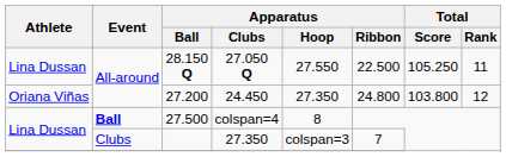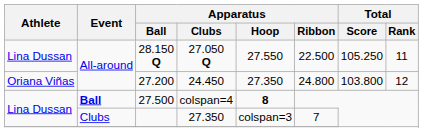 <table class=wikitable style=font-size:90%;text-align:center>
 <tr>
 <th rowspan=2>Athlete</th>
 <th rowspan=2>Event</th>
 <th colspan=4>Apparatus</th>
 <th colspan=2>Total</th>
 </tr>
 <tr style=font-size:95%>
 <th>Ball</th>
 <th>Clubs</th>
 <th>Hoop</th>
 <th>Ribbon</th>
 <th>Score</th>
 <th>Rank</th>
 </tr>
 <tr>
 <td align=left><a href='#'>Lina Dussan</a></td>
 <td align=left rowspan=2><a href='#'>All-around</a></td>
 <td>28.150<br><strong>Q</strong></td>
 <td>27.050<br><strong>Q</strong></td>
 <td>27.550</td>
 <td>22.500</td>
 <td>105.250</td>
 <td>11</td>
 </tr>
 <tr>
 <td align=left><a href='#'>Oriana Viñas</a></td>
 <td>27.200</td>
 <td>24.450</td>
 <td>27.350</td>
 <td>24.800</td>
 <td>103.800</td>
 <td>12</td>
 </tr>
 <tr>
 <td align=left rowspan="2"><a href='#'>Lina Dussan</a></td>
 <td align=left><strong><a href='#'>Ball</a></strong></td>
 <td>27.500</td>
 <td>colspan=4 </td>
-<td>8</td>
+<td><strong>8</strong></td>
 </tr>
 <tr>
 <td align=left><a href='#'>Clubs</a></td>
 <td></td>
 <td>27.350</td>
 <td>colspan=3 </td>
 <td>7</td>
 </tr>
 <tr>
 </tr>
 </table>
